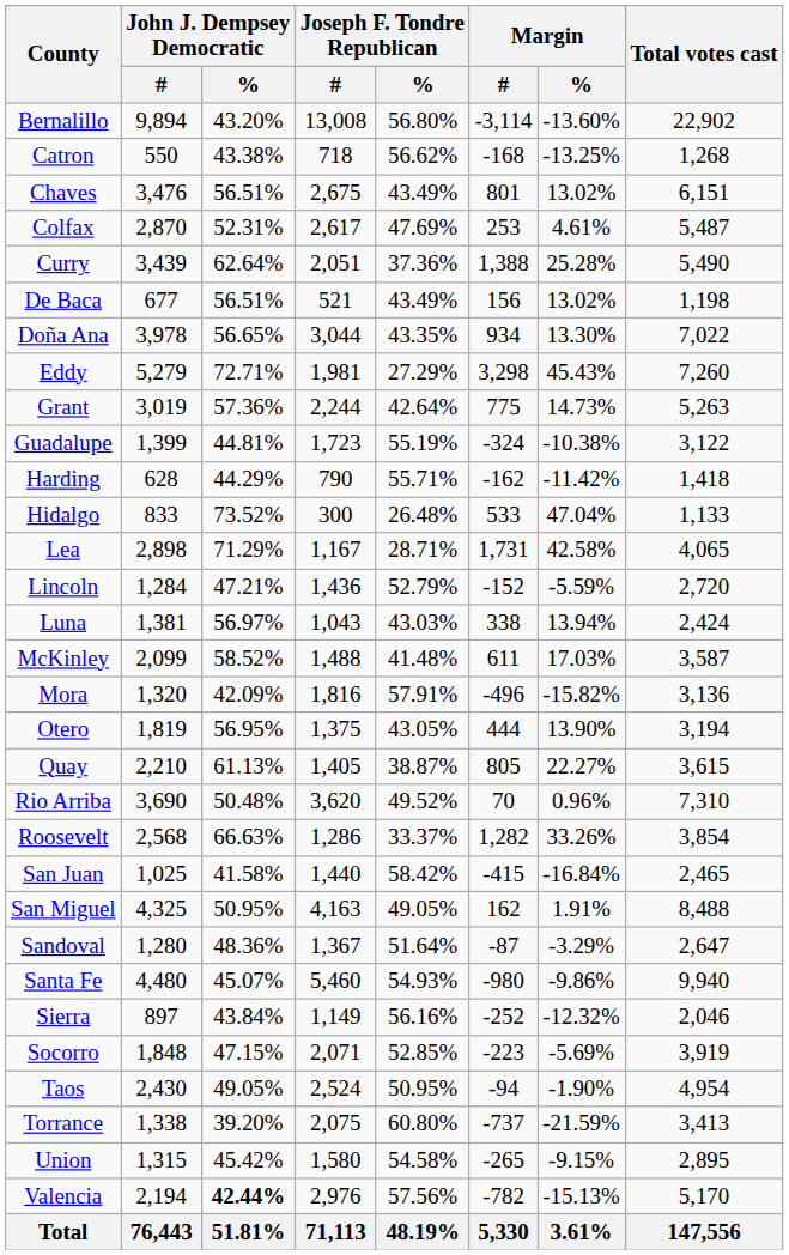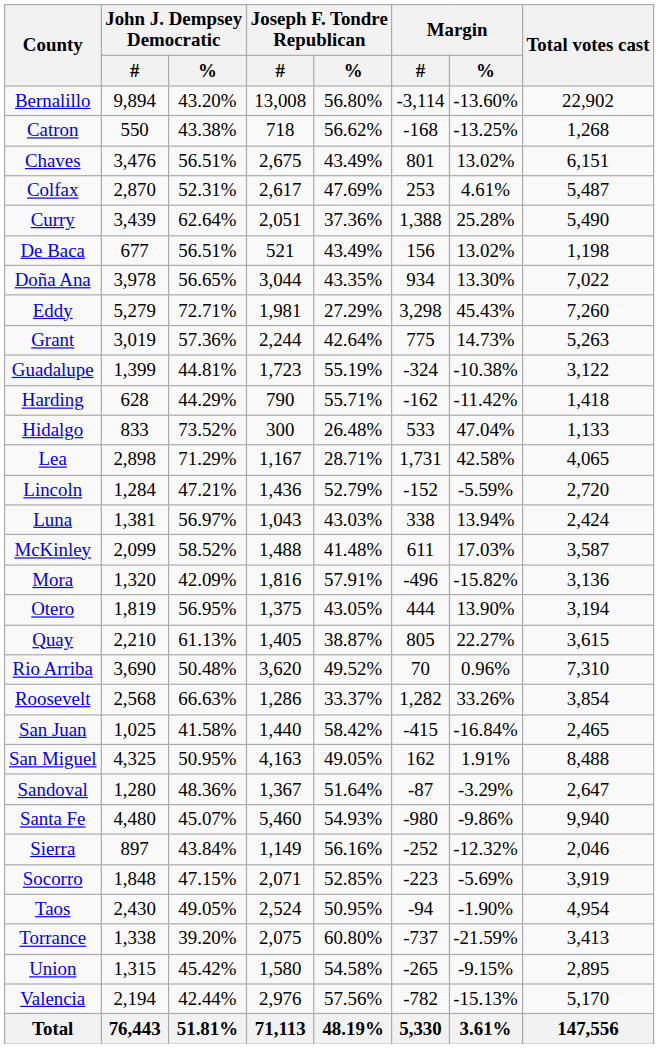 <table class="wikitable sortable" style="text-align:center">
 <tr>
 <th style="text-align:center;" rowspan="2">County</th>
 <th style="text-align:center;" colspan="2">John J. Dempsey<br>Democratic</th>
 <th style="text-align:center;" colspan="2">Joseph F. Tondre<br>Republican</th>
 <th style="text-align:center;" colspan="2">Margin</th>
 <th style="text-align:center;" rowspan="2">Total votes cast</th>
 </tr>
 <tr>
 <th style="text-align:center;" data-sort-type="number">#</th>
 <th style="text-align:center;" data-sort-type="number">%</th>
 <th style="text-align:center;" data-sort-type="number">#</th>
 <th style="text-align:center;" data-sort-type="number">%</th>
 <th style="text-align:center;" data-sort-type="number">#</th>
 <th style="text-align:center;" data-sort-type="number">%</th>
 </tr>
 <tr style="text-align:center;">
 <td><a href='#'>Bernalillo</a></td>
 <td>9,894</td>
 <td>43.20%</td>
 <td>13,008</td>
 <td>56.80%</td>
 <td>-3,114</td>
 <td>-13.60%</td>
 <td>22,902</td>
 </tr>
 <tr style="text-align:center;">
 <td><a href='#'>Catron</a></td>
 <td>550</td>
 <td>43.38%</td>
 <td>718</td>
 <td>56.62%</td>
 <td>-168</td>
 <td>-13.25%</td>
 <td>1,268</td>
 </tr>
 <tr style="text-align:center;">
 <td><a href='#'>Chaves</a></td>
 <td>3,476</td>
 <td>56.51%</td>
 <td>2,675</td>
 <td>43.49%</td>
 <td>801</td>
 <td>13.02%</td>
 <td>6,151</td>
 </tr>
 <tr style="text-align:center;">
 <td><a href='#'>Colfax</a></td>
 <td>2,870</td>
 <td>52.31%</td>
 <td>2,617</td>
 <td>47.69%</td>
 <td>253</td>
 <td>4.61%</td>
 <td>5,487</td>
 </tr>
 <tr style="text-align:center;">
 <td><a href='#'>Curry</a></td>
 <td>3,439</td>
 <td>62.64%</td>
 <td>2,051</td>
 <td>37.36%</td>
 <td>1,388</td>
 <td>25.28%</td>
 <td>5,490</td>
 </tr>
 <tr style="text-align:center;">
 <td><a href='#'>De Baca</a></td>
 <td>677</td>
 <td>56.51%</td>
 <td>521</td>
 <td>43.49%</td>
 <td>156</td>
 <td>13.02%</td>
 <td>1,198</td>
 </tr>
 <tr style="text-align:center;">
 <td><a href='#'>Doña Ana</a></td>
 <td>3,978</td>
 <td>56.65%</td>
 <td>3,044</td>
 <td>43.35%</td>
 <td>934</td>
 <td>13.30%</td>
 <td>7,022</td>
 </tr>
 <tr style="text-align:center;">
 <td><a href='#'>Eddy</a></td>
 <td>5,279</td>
 <td>72.71%</td>
 <td>1,981</td>
 <td>27.29%</td>
 <td>3,298</td>
 <td>45.43%</td>
 <td>7,260</td>
 </tr>
 <tr style="text-align:center;">
 <td><a href='#'>Grant</a></td>
 <td>3,019</td>
 <td>57.36%</td>
 <td>2,244</td>
 <td>42.64%</td>
 <td>775</td>
 <td>14.73%</td>
 <td>5,263</td>
 </tr>
 <tr style="text-align:center;">
 <td><a href='#'>Guadalupe</a></td>
 <td>1,399</td>
 <td>44.81%</td>
 <td>1,723</td>
 <td>55.19%</td>
 <td>-324</td>
 <td>-10.38%</td>
 <td>3,122</td>
 </tr>
 <tr style="text-align:center;">
 <td><a href='#'>Harding</a></td>
 <td>628</td>
 <td>44.29%</td>
 <td>790</td>
 <td>55.71%</td>
 <td>-162</td>
 <td>-11.42%</td>
 <td>1,418</td>
 </tr>
 <tr style="text-align:center;">
 <td><a href='#'>Hidalgo</a></td>
 <td>833</td>
 <td>73.52%</td>
 <td>300</td>
 <td>26.48%</td>
 <td>533</td>
 <td>47.04%</td>
 <td>1,133</td>
 </tr>
 <tr style="text-align:center;">
 <td><a href='#'>Lea</a></td>
 <td>2,898</td>
 <td>71.29%</td>
 <td>1,167</td>
 <td>28.71%</td>
 <td>1,731</td>
 <td>42.58%</td>
 <td>4,065</td>
 </tr>
 <tr style="text-align:center;">
 <td><a href='#'>Lincoln</a></td>
 <td>1,284</td>
 <td>47.21%</td>
 <td>1,436</td>
 <td>52.79%</td>
 <td>-152</td>
 <td>-5.59%</td>
 <td>2,720</td>
 </tr>
 <tr style="text-align:center;">
 <td><a href='#'>Luna</a></td>
 <td>1,381</td>
 <td>56.97%</td>
 <td>1,043</td>
 <td>43.03%</td>
 <td>338</td>
 <td>13.94%</td>
 <td>2,424</td>
 </tr>
 <tr style="text-align:center;">
 <td><a href='#'>McKinley</a></td>
 <td>2,099</td>
 <td>58.52%</td>
 <td>1,488</td>
 <td>41.48%</td>
 <td>611</td>
 <td>17.03%</td>
 <td>3,587</td>
 </tr>
 <tr style="text-align:center;">
 <td><a href='#'>Mora</a></td>
 <td>1,320</td>
 <td>42.09%</td>
 <td>1,816</td>
 <td>57.91%</td>
 <td>-496</td>
 <td>-15.82%</td>
 <td>3,136</td>
 </tr>
 <tr style="text-align:center;">
 <td><a href='#'>Otero</a></td>
 <td>1,819</td>
 <td>56.95%</td>
 <td>1,375</td>
 <td>43.05%</td>
 <td>444</td>
 <td>13.90%</td>
 <td>3,194</td>
 </tr>
 <tr style="text-align:center;">
 <td><a href='#'>Quay</a></td>
 <td>2,210</td>
 <td>61.13%</td>
 <td>1,405</td>
 <td>38.87%</td>
 <td>805</td>
 <td>22.27%</td>
 <td>3,615</td>
 </tr>
 <tr style="text-align:center;">
 <td><a href='#'>Rio Arriba</a></td>
 <td>3,690</td>
 <td>50.48%</td>
 <td>3,620</td>
 <td>49.52%</td>
 <td>70</td>
 <td>0.96%</td>
 <td>7,310</td>
 </tr>
 <tr style="text-align:center;">
 <td><a href='#'>Roosevelt</a></td>
 <td>2,568</td>
 <td>66.63%</td>
 <td>1,286</td>
 <td>33.37%</td>
 <td>1,282</td>
 <td>33.26%</td>
 <td>3,854</td>
 </tr>
 <tr style="text-align:center;">
 <td><a href='#'>San Juan</a></td>
 <td>1,025</td>
 <td>41.58%</td>
 <td>1,440</td>
 <td>58.42%</td>
 <td>-415</td>
 <td>-16.84%</td>
 <td>2,465</td>
 </tr>
 <tr style="text-align:center;">
 <td><a href='#'>San Miguel</a></td>
 <td>4,325</td>
 <td>50.95%</td>
 <td>4,163</td>
 <td>49.05%</td>
 <td>162</td>
 <td>1.91%</td>
 <td>8,488</td>
 </tr>
 <tr style="text-align:center;">
 <td><a href='#'>Sandoval</a></td>
 <td>1,280</td>
 <td>48.36%</td>
 <td>1,367</td>
 <td>51.64%</td>
 <td>-87</td>
 <td>-3.29%</td>
 <td>2,647</td>
 </tr>
 <tr style="text-align:center;">
 <td><a href='#'>Santa Fe</a></td>
 <td>4,480</td>
 <td>45.07%</td>
 <td>5,460</td>
 <td>54.93%</td>
 <td>-980</td>
 <td>-9.86%</td>
 <td>9,940</td>
 </tr>
 <tr style="text-align:center;">
 <td><a href='#'>Sierra</a></td>
 <td>897</td>
 <td>43.84%</td>
 <td>1,149</td>
 <td>56.16%</td>
 <td>-252</td>
 <td>-12.32%</td>
 <td>2,046</td>
 </tr>
 <tr style="text-align:center;">
 <td><a href='#'>Socorro</a></td>
 <td>1,848</td>
 <td>47.15%</td>
 <td>2,071</td>
 <td>52.85%</td>
 <td>-223</td>
 <td>-5.69%</td>
 <td>3,919</td>
 </tr>
 <tr style="text-align:center;">
 <td><a href='#'>Taos</a></td>
 <td>2,430</td>
 <td>49.05%</td>
 <td>2,524</td>
 <td>50.95%</td>
 <td>-94</td>
 <td>-1.90%</td>
 <td>4,954</td>
 </tr>
 <tr style="text-align:center;">
 <td><a href='#'>Torrance</a></td>
 <td>1,338</td>
 <td>39.20%</td>
 <td>2,075</td>
 <td>60.80%</td>
 <td>-737</td>
 <td>-21.59%</td>
 <td>3,413</td>
 </tr>
 <tr style="text-align:center;">
 <td><a href='#'>Union</a></td>
 <td>1,315</td>
 <td>45.42%</td>
 <td>1,580</td>
 <td>54.58%</td>
 <td>-265</td>
 <td>-9.15%</td>
 <td>2,895</td>
 </tr>
 <tr style="text-align:center;">
 <td><a href='#'>Valencia</a></td>
 <td>2,194</td>
-<td><strong>42.44%</strong></td>
+<td>42.44%</td>
 <td>2,976</td>
 <td>57.56%</td>
 <td>-782</td>
 <td>-15.13%</td>
 <td>5,170</td>
 </tr>
 <tr style="text-align:center;">
 <th>Total</th>
 <th>76,443</th>
 <th>51.81%</th>
 <th>71,113</th>
 <th>48.19%</th>
 <th>5,330</th>
 <th>3.61%</th>
 <th>147,556</th>
 </tr>
 </table>
